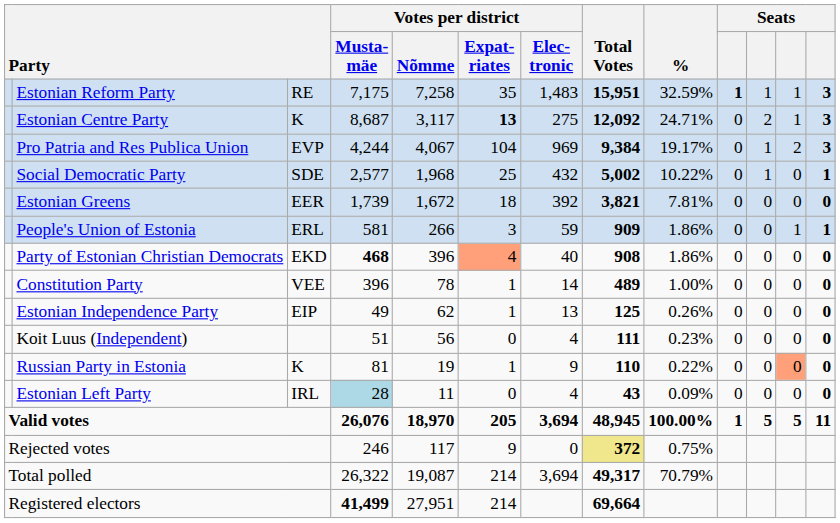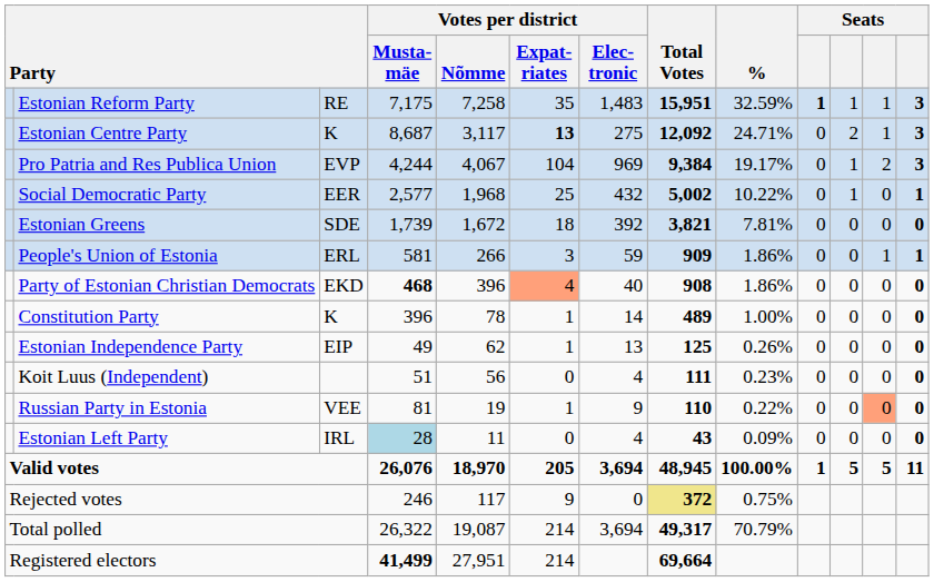 <table class="wikitable" border="1" style="text-align:right;">
 <tr>
 <th style="text-align:left;" valign=bottom rowspan=2 colspan=3>Party</th>
 <th colspan=4>Votes per district</th>
 <th align=center valign=bottom rowspan=2 width="50">Total Votes</th>
 <th align=center valign=bottom rowspan=2 width="50">%</th>
 <th colspan=4>Seats</th>
 </tr>
 <tr>
 <th align=center valign=bottom width="50"><a href='#'>Musta- mäe</a></th>
 <th align=center valign=bottom width="50"><a href='#'>Nõmme</a></th>
 <th align=center valign=bottom width="50"><a href='#'>Expat- riates</a></th>
 <th align=center valign=bottom width="50"><a href='#'>Elec- tronic</a></th>
 <th align=center valign=bottom width="20"><small></small></th>
 <th align=center valign=bottom width="20"><small></small></th>
 <th align=center valign=bottom width="20"><small></small></th>
 <th align=center valign=bottom width="20"><small></small></th>
 </tr>
 <tr style="background:#CEE0F2;">
 <td style="background:"></td>
 <td align=left><a href='#'>Estonian Reform Party</a></td>
 <td align=left>RE</td>
 <td>7,175</td>
 <td>7,258</td>
 <td>35</td>
 <td>1,483</td>
 <td><strong>15,951</strong></td>
 <td>32.59%</td>
 <td><strong>1</strong></td>
 <td>1</td>
 <td>1</td>
 <td><strong>3</strong></td>
 </tr>
 <tr style="background:#CEE0F2;">
 <td style="background:"></td>
 <td align=left><a href='#'>Estonian Centre Party</a></td>
 <td align=left>K</td>
 <td>8,687</td>
 <td>3,117</td>
 <td><strong>13</strong></td>
 <td>275</td>
 <td><strong>12,092</strong></td>
 <td>24.71%</td>
 <td>0</td>
 <td>2</td>
 <td>1</td>
 <td><strong>3</strong></td>
 </tr>
 <tr style="background:#CEE0F2;">
 <td style="background:"></td>
 <td align=left><a href='#'>Pro Patria and Res Publica Union</a></td>
 <td align=left>EVP</td>
 <td>4,244</td>
 <td>4,067</td>
 <td>104</td>
 <td>969</td>
 <td><strong>9,384</strong></td>
 <td>19.17%</td>
 <td>0</td>
 <td>1</td>
 <td>2</td>
 <td><strong>3</strong></td>
 </tr>
 <tr style="background:#CEE0F2;">
 <td style="background:"></td>
 <td align=left><a href='#'>Social Democratic Party</a></td>
-<td align=left>SDE</td>
+<td align=left>EER</td>
 <td>2,577</td>
 <td>1,968</td>
 <td>25</td>
 <td>432</td>
 <td><strong>5,002</strong></td>
 <td>10.22%</td>
 <td>0</td>
 <td>1</td>
 <td>0</td>
 <td><strong>1</strong></td>
 </tr>
 <tr style="background:#CEE0F2;">
 <td style="background:"></td>
 <td align=left><a href='#'>Estonian Greens</a></td>
-<td align=left>EER</td>
+<td align=left>SDE</td>
 <td>1,739</td>
 <td>1,672</td>
 <td>18</td>
 <td>392</td>
 <td><strong>3,821</strong></td>
 <td>7.81%</td>
 <td>0</td>
 <td>0</td>
 <td>0</td>
 <td><strong>0</strong></td>
 </tr>
 <tr style="background:#CEE0F2;">
 <td style="background:"></td>
 <td align=left><a href='#'>People's Union of Estonia</a></td>
 <td align=left>ERL</td>
 <td>581</td>
 <td>266</td>
 <td>3</td>
 <td>59</td>
 <td><strong>909</strong></td>
 <td>1.86%</td>
 <td>0</td>
 <td>0</td>
 <td>1</td>
 <td><strong>1</strong></td>
 </tr>
 <tr>
 <td style="background:"></td>
 <td align=left><a href='#'>Party of Estonian Christian Democrats</a></td>
 <td align=left>EKD</td>
 <td><strong>468</strong></td>
 <td>396</td>
 <td style="background: lightsalmon;">4</td>
 <td>40</td>
 <td><strong>908</strong></td>
 <td>1.86%</td>
 <td>0</td>
 <td>0</td>
 <td>0</td>
 <td><strong>0</strong></td>
 </tr>
 <tr>
 <td style="background:"></td>
 <td align=left><a href='#'>Constitution Party</a></td>
-<td align=left>VEE</td>
+<td align=left>K</td>
 <td>396</td>
 <td>78</td>
 <td>1</td>
 <td>14</td>
 <td><strong>489</strong></td>
 <td>1.00%</td>
 <td>0</td>
 <td>0</td>
 <td>0</td>
 <td><strong>0</strong></td>
 </tr>
 <tr>
 <td style="background:"></td>
 <td align=left><a href='#'>Estonian Independence Party</a></td>
 <td align=left>EIP</td>
 <td>49</td>
 <td>62</td>
 <td>1</td>
 <td>13</td>
 <td><strong>125</strong></td>
 <td>0.26%</td>
 <td>0</td>
 <td>0</td>
 <td>0</td>
 <td><strong>0</strong></td>
 </tr>
 <tr>
 <td style="background:"></td>
 <td align=left>Koit Luus (<a href='#'>Independent</a>)</td>
 <td></td>
 <td>51</td>
 <td>56</td>
 <td>0</td>
 <td>4</td>
 <td><strong>111</strong></td>
 <td>0.23%</td>
 <td>0</td>
 <td>0</td>
 <td>0</td>
 <td><strong>0</strong></td>
 </tr>
 <tr>
 <td></td>
 <td align=left><a href='#'>Russian Party in Estonia</a></td>
-<td align=left>K</td>
+<td align=left>VEE</td>
 <td>81</td>
 <td>19</td>
 <td>1</td>
 <td>9</td>
 <td><strong>110</strong></td>
 <td>0.22%</td>
 <td>0</td>
 <td>0</td>
 <td style="background: lightsalmon;">0</td>
 <td><strong>0</strong></td>
 </tr>
 <tr>
 <td style="background:"></td>
 <td align=left><a href='#'>Estonian Left Party</a></td>
 <td align=left>IRL</td>
 <td style="background: lightblue;">28</td>
 <td>11</td>
 <td>0</td>
 <td>4</td>
 <td><strong>43</strong></td>
 <td>0.09%</td>
 <td>0</td>
 <td>0</td>
 <td>0</td>
 <td><strong>0</strong></td>
 </tr>
 <tr style="font-weight:bold">
 <td align=left colspan=3>Valid votes</td>
 <td>26,076</td>
 <td>18,970</td>
 <td>205</td>
 <td>3,694</td>
 <td>48,945</td>
 <td>100.00%</td>
 <td>1</td>
 <td>5</td>
 <td>5</td>
 <td>11</td>
 </tr>
 <tr>
 <td align=left colspan=3>Rejected votes</td>
 <td>246</td>
 <td>117</td>
 <td>9</td>
 <td>0</td>
 <td style="background: khaki;"><strong>372</strong></td>
 <td>0.75%</td>
 <td></td>
 <td></td>
 <td></td>
 <td></td>
 </tr>
 <tr>
 <td align=left colspan=3>Total polled</td>
 <td>26,322</td>
 <td>19,087</td>
 <td>214</td>
 <td>3,694</td>
 <td><strong>49,317</strong></td>
 <td>70.79%</td>
 <td></td>
 <td></td>
 <td></td>
 <td></td>
 </tr>
 <tr>
 <td align=left colspan=3>Registered electors</td>
 <td><strong>41,499</strong></td>
 <td>27,951</td>
 <td>214</td>
 <td></td>
 <td><strong>69,664</strong></td>
 <td></td>
 <td></td>
 <td></td>
 <td></td>
 <td></td>
 </tr>
 </table>
